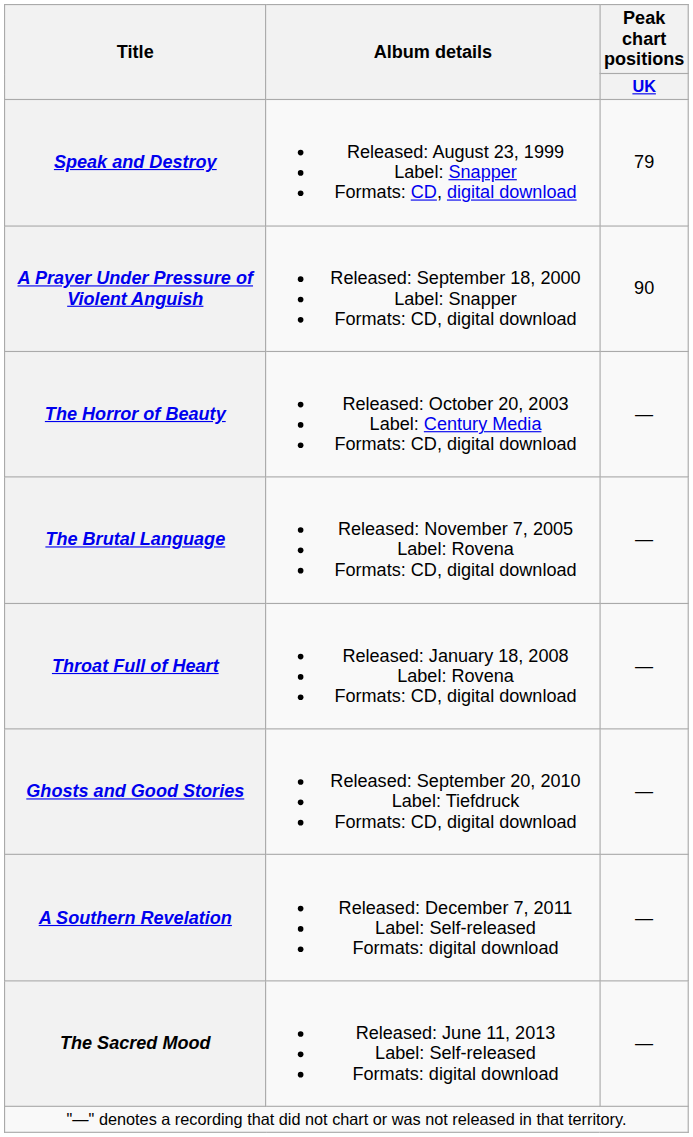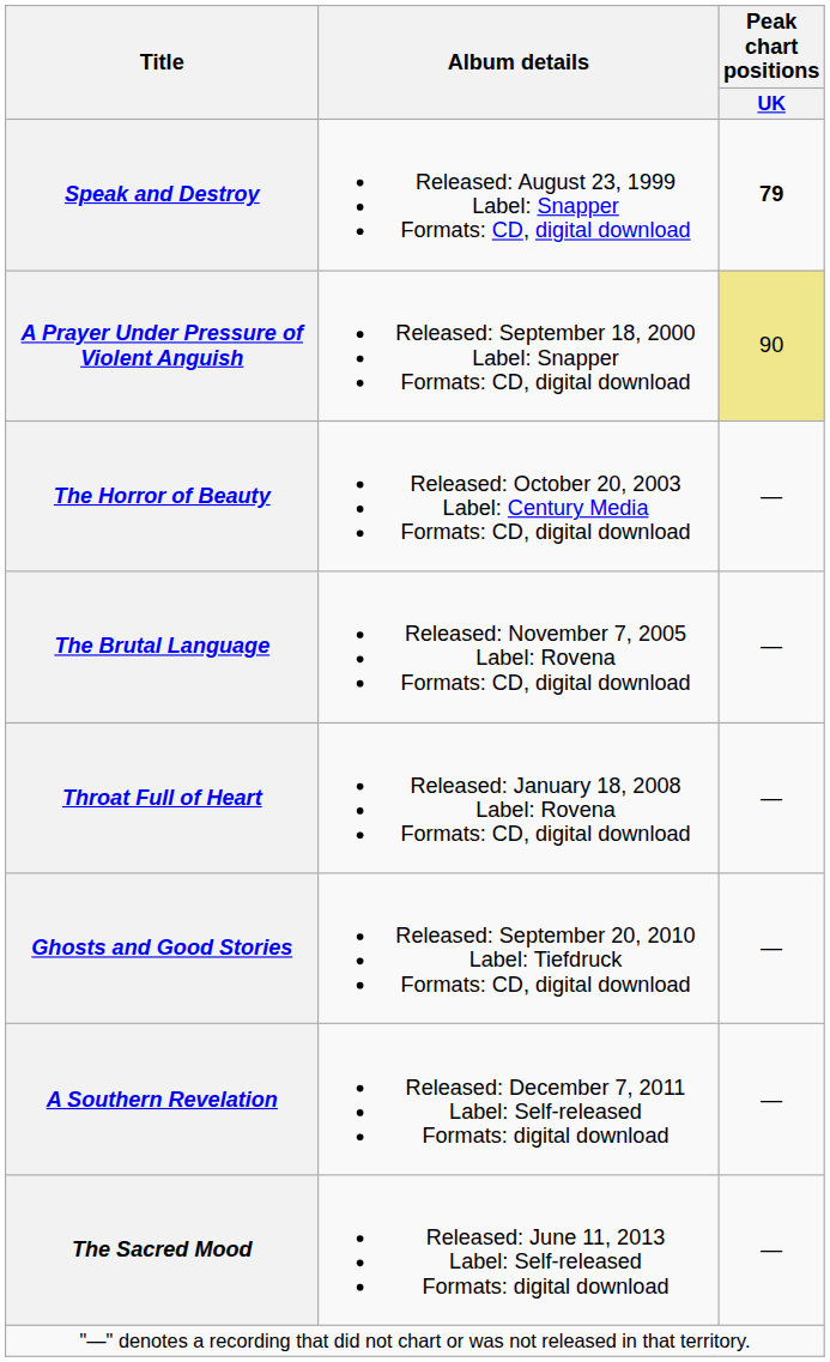 <table class="wikitable plainrowheaders" style="text-align:center;">
 <tr>
 <th rowspan="2" scope="col" style="width:14em;">Title</th>
 <th rowspan="2" scope="col" style="width:18em;">Album details</th>
 <th>Peak chart positions</th>
 </tr>
 <tr>
 <th scope="col" style="width:3em;font-size:90%;"><a href='#'>UK</a></th>
 </tr>
 <tr>
 <th scope="row"><em><a href='#'>Speak and Destroy</a></em></th>
 <td><br><ul><li>Released: August 23, 1999</li><li>Label: <a href='#'>Snapper</a></li><li>Formats: <a href='#'>CD</a>, <a href='#'>digital download</a></li></ul></td>
-<td>79</td>
+<td><strong>79</strong></td>
 </tr>
 <tr>
 <th scope="row"><em><a href='#'>A Prayer Under Pressure of Violent Anguish</a></em></th>
 <td><br><ul><li>Released: September 18, 2000</li><li>Label: Snapper</li><li>Formats: CD, digital download</li></ul></td>
-<td>90</td>
+<td style="background: khaki;">90</td>
 </tr>
 <tr>
 <th scope="row"><em><a href='#'>The Horror of Beauty</a></em></th>
 <td><br><ul><li>Released: October 20, 2003</li><li>Label: <a href='#'>Century Media</a></li><li>Formats: CD, digital download</li></ul></td>
 <td>—</td>
 </tr>
 <tr>
 <th scope="row"><em><a href='#'>The Brutal Language</a></em></th>
 <td><br><ul><li>Released: November 7, 2005</li><li>Label: Rovena</li><li>Formats: CD, digital download</li></ul></td>
 <td>—</td>
 </tr>
 <tr>
 <th scope="row"><em><a href='#'>Throat Full of Heart</a></em></th>
 <td><br><ul><li>Released: January 18, 2008</li><li>Label: Rovena</li><li>Formats: CD, digital download</li></ul></td>
 <td>—</td>
 </tr>
 <tr>
 <th scope="row"><em><a href='#'>Ghosts and Good Stories</a></em></th>
 <td><br><ul><li>Released: September 20, 2010</li><li>Label: Tiefdruck</li><li>Formats: CD, digital download</li></ul></td>
 <td>—</td>
 </tr>
 <tr>
 <th scope="row"><em><a href='#'>A Southern Revelation</a></em></th>
 <td><br><ul><li>Released: December 7, 2011</li><li>Label: Self-released</li><li>Formats: digital download</li></ul></td>
 <td>—</td>
 </tr>
 <tr>
 <th scope="row"><em>The Sacred Mood</em></th>
 <td><br><ul><li>Released: June 11, 2013</li><li>Label: Self-released</li><li>Formats: digital download</li></ul></td>
 <td>—</td>
 </tr>
 <tr>
 <td colspan="4" style="font-size:90%">"—" denotes a recording that did not chart or was not released in that territory.</td>
 </tr>
 </table>
